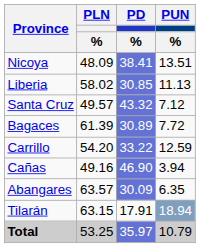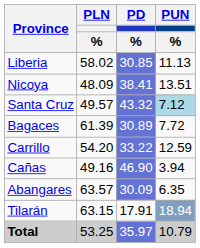 <table class="wikitable mw-collapsible mw-collapsed">
 <tr>
 <th rowspan="3"><a href='#'>Province</a></th>
 <th colspan="1" width="40px"><a href='#'>PLN</a></th>
 <th colspan="1" width="40px"><a href='#'>PD</a></th>
 <th colspan="1" width="40px"><a href='#'>PUN</a></th>
 </tr>
 <tr>
 <th colspan="1" style="background:"></th>
 <th colspan="1" style="background:#2136C2"></th>
 <th colspan="1" style="background:#013d82"></th>
 </tr>
 <tr>
 <th data-sort-type="number">%</th>
 <th data-sort-type="number">%</th>
 <th data-sort-type="number">%</th>
 </tr>
 <tr>
+<td align="left"><a href='#'>Liberia</a></td>
+<td style="background:">58.02</td>
+<td style="background:#6372d4; color:white;">30.85</td>
+<td>11.13</td>
+</tr>
+<tr>
 <td align="left"><a href='#'>Nicoya</a></td>
 <td style="background:">48.09</td>
 <td style="background:#6372d4; color:white;">38.41</td>
 <td>13.51</td>
 </tr>
 <tr>
-<td align="left"><a href='#'>Liberia</a></td>
-<td style="background:">58.02</td>
-<td style="background:#6372d4; color:white;">30.85</td>
-<td>11.13</td>
-</tr>
-<tr>
 <td align="left"><a href='#'>Santa Cruz</a></td>
 <td style="background:">49.57</td>
 <td style="background:#6372d4; color:white;">43.32</td>
-<td>7.12</td>
+<td style="background: lightblue;">7.12</td>
 </tr>
 <tr>
 <td align="left"><a href='#'>Bagaces</a></td>
 <td style="background:">61.39</td>
 <td style="background:#6372d4; color:white;">30.89</td>
 <td>7.72</td>
 </tr>
 <tr>
 <td align="left"><a href='#'>Carrillo</a></td>
 <td style="background:">54.20</td>
 <td style="background:#6372d4; color:white;">33.22</td>
 <td>12.59</td>
 </tr>
 <tr>
 <td align="left"><a href='#'>Cañas</a></td>
 <td style="background:">49.16</td>
 <td style="background:#6372d4; color:white;">46.90</td>
 <td>3.94</td>
 </tr>
 <tr>
 <td align="left"><a href='#'>Abangares</a></td>
 <td style="background:">63.57</td>
 <td style="background:#6372d4; color:white;">30.09</td>
 <td>6.35</td>
 </tr>
 <tr>
 <td align="left"><a href='#'>Tilarán</a></td>
 <td style="background:">63.15</td>
 <td>17.91</td>
 <td style="background:#809ec0; color:white;">18.94</td>
 </tr>
 <tr style="background:#CDCDCD;">
 <td align="left"><strong>Total</strong></td>
 <td style="background:">53.25</td>
 <td style="background:#6372d4; color:white;">35.97</td>
 <td>10.79</td>
 </tr>
 </table>
